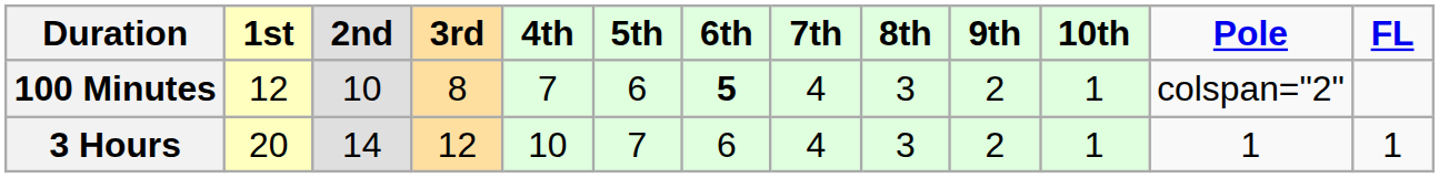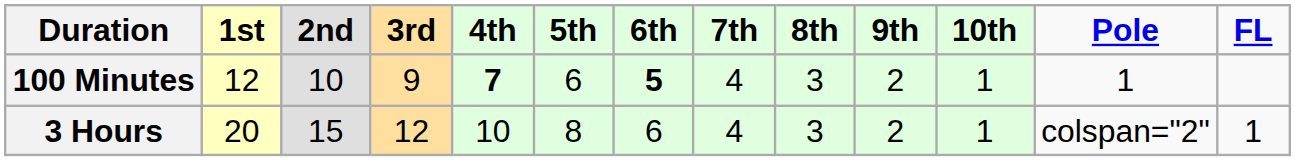 <table class="wikitable" style="font-size:85%; text-align:center">
 <tr>
 <th>Duration</th>
 <td style="background:#ffffbf;"> <strong>1st</strong> </td>
 <td style="background:#dfdfdf;"> <strong>2nd</strong> </td>
 <td style="background:#ffdf9f;"> <strong>3rd</strong> </td>
 <td style="background:#dfffdf;"> <strong>4th</strong> </td>
 <td style="background:#dfffdf;"> <strong>5th</strong> </td>
 <td style="background:#dfffdf;"> <strong>6th</strong> </td>
 <td style="background:#dfffdf;"> <strong>7th</strong> </td>
 <td style="background:#dfffdf;"> <strong>8th</strong> </td>
 <td style="background:#dfffdf;"> <strong>9th</strong> </td>
 <td style="background:#dfffdf;"> <strong>10th</strong> </td>
 <td> <strong><a href='#'>Pole</a></strong> </td>
 <td> <strong><a href='#'>FL</a></strong> </td>
 </tr>
 <tr>
 <th>100 Minutes</th>
 <td style="background:#ffffbf;">12</td>
 <td style="background:#dfdfdf;">10</td>
-<td style="background:#ffdf9f;">8</td>
-<td style="background:#dfffdf;">7</td>
+<td style="background:#ffdf9f;">9</td>
+<td style="background:#dfffdf;"><strong>7</strong></td>
 <td style="background:#dfffdf;">6</td>
 <td style="background:#dfffdf;"><strong>5</strong></td>
 <td style="background:#dfffdf;">4</td>
 <td style="background:#dfffdf;">3</td>
 <td style="background:#dfffdf;">2</td>
 <td style="background:#dfffdf;">1</td>
-<td>colspan="2" </td>
+<td>1</td>
 </tr>
 <tr>
 <th>3 Hours</th>
 <td style="background:#ffffbf;">20</td>
-<td style="background:#dfdfdf;">14</td>
+<td style="background:#dfdfdf;">15</td>
 <td style="background:#ffdf9f;">12</td>
 <td style="background:#dfffdf;">10</td>
-<td style="background:#dfffdf;">7</td>
+<td style="background:#dfffdf;">8</td>
 <td style="background:#dfffdf;">6</td>
 <td style="background:#dfffdf;">4</td>
 <td style="background:#dfffdf;">3</td>
 <td style="background:#dfffdf;">2</td>
 <td style="background:#dfffdf;">1</td>
-<td>1</td>
+<td>colspan="2" </td>
 <td>1</td>
 </tr>
 </table>
